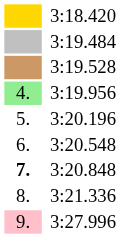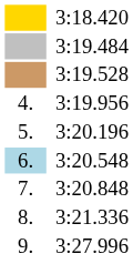 <table style="text-align:center">
 <tr>
 <td width=30 bgcolor=gold></td>
 <td align=left></td>
 <td>3:18.420</td>
 </tr>
 <tr>
 <td bgcolor=silver></td>
 <td align=left></td>
 <td>3:19.484</td>
 </tr>
 <tr>
 <td bgcolor=cc9966></td>
 <td align=left></td>
 <td>3:19.528</td>
 </tr>
 <tr>
-<td style="background: lightgreen;">4.</td>
+<td>4.</td>
 <td align=left></td>
 <td>3:19.956</td>
 </tr>
 <tr>
 <td>5.</td>
 <td align=left></td>
 <td>3:20.196</td>
 </tr>
 <tr>
-<td>6.</td>
+<td style="background: lightblue;">6.</td>
 <td align=left></td>
 <td>3:20.548</td>
 </tr>
 <tr>
-<td><strong>7.</strong></td>
+<td>7.</td>
 <td align=left></td>
 <td>3:20.848</td>
 </tr>
 <tr>
 <td>8.</td>
 <td align=left></td>
 <td>3:21.336</td>
 </tr>
 <tr>
-<td style="background: pink;">9.</td>
+<td>9.</td>
 <td align=left></td>
 <td>3:27.996</td>
 </tr>
 </table>
